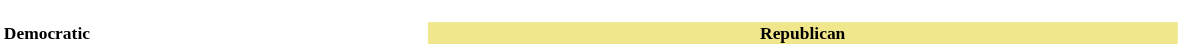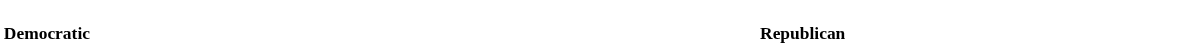 <table style="width:70%; text-align:center">
 <tr style="color:white">
 <td style="background:"><strong>262</strong></td>
 <td style="background:"><strong>175</strong></td>
 </tr>
 <tr>
 <td><span><strong>Democratic</strong></span></td>
-<td style="background: khaki;"><span><strong>Republican</strong></span></td>
+<td><span><strong>Republican</strong></span></td>
 </tr>
 </table>
